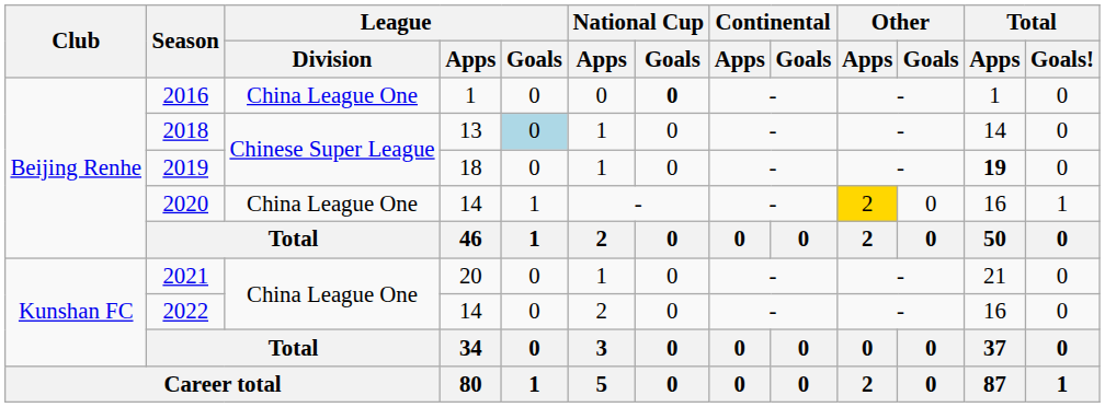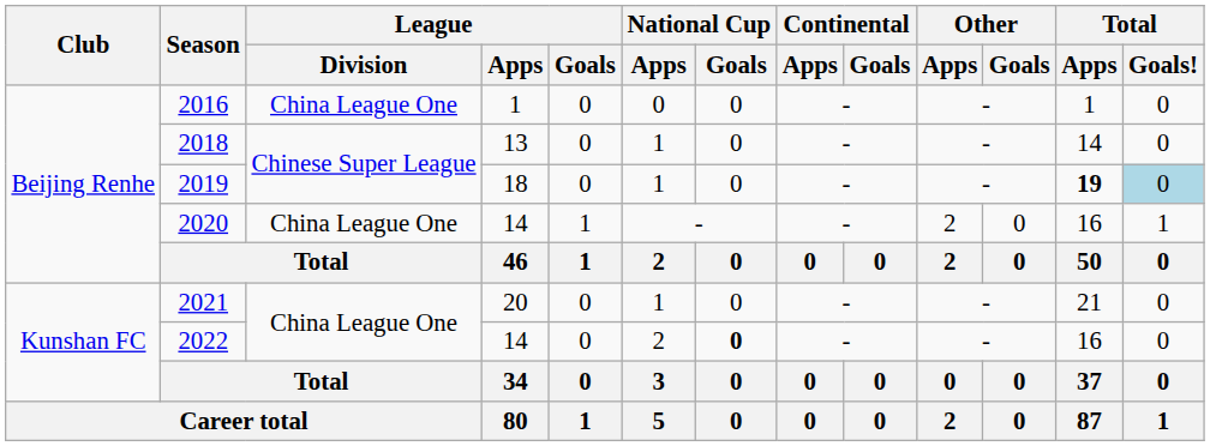 <table class="wikitable" style="text-align: center">
 <tr>
 <th rowspan="2">Club</th>
 <th rowspan="2">Season</th>
 <th colspan="3">League</th>
 <th colspan="2">National Cup</th>
 <th colspan="2">Continental</th>
 <th colspan="2">Other</th>
 <th colspan="2">Total</th>
 </tr>
 <tr>
 <th>Division</th>
 <th>Apps</th>
 <th>Goals</th>
 <th>Apps</th>
 <th>Goals</th>
 <th>Apps</th>
 <th>Goals</th>
 <th>Apps</th>
 <th>Goals</th>
 <th>Apps</th>
 <th>Goals!</th>
 </tr>
 <tr>
 <td rowspan=5><a href='#'>Beijing Renhe</a></td>
 <td><a href='#'>2016</a></td>
 <td><a href='#'>China League One</a></td>
 <td>1</td>
 <td>0</td>
 <td>0</td>
-<td><strong>0</strong></td>
+<td>0</td>
 <td colspan="2">-</td>
 <td colspan="2">-</td>
 <td>1</td>
 <td>0</td>
 </tr>
 <tr>
 <td><a href='#'>2018</a></td>
 <td rowspan=2><a href='#'>Chinese Super League</a></td>
 <td>13</td>
-<td style="background: lightblue;">0</td>
+<td>0</td>
 <td>1</td>
 <td>0</td>
 <td colspan="2">-</td>
 <td colspan="2">-</td>
 <td>14</td>
 <td>0</td>
 </tr>
 <tr>
 <td><a href='#'>2019</a></td>
 <td>18</td>
 <td>0</td>
 <td>1</td>
 <td>0</td>
 <td colspan="2">-</td>
 <td colspan="2">-</td>
 <td><strong>19</strong></td>
-<td>0</td>
+<td style="background: lightblue;">0</td>
 </tr>
 <tr>
 <td><a href='#'>2020</a></td>
 <td>China League One</td>
 <td>14</td>
 <td>1</td>
 <td colspan="2">-</td>
 <td colspan="2">-</td>
-<td style="background: gold;">2</td>
+<td>2</td>
 <td>0</td>
 <td>16</td>
 <td>1</td>
 </tr>
 <tr>
 <th colspan="2"><strong>Total</strong></th>
 <th>46</th>
 <th>1</th>
 <th>2</th>
 <th>0</th>
 <th>0</th>
 <th>0</th>
 <th>2</th>
 <th>0</th>
 <th>50</th>
 <th>0</th>
 </tr>
 <tr>
 <td rowspan=3><a href='#'>Kunshan FC</a></td>
 <td><a href='#'>2021</a></td>
 <td rowspan=2>China League One</td>
 <td>20</td>
 <td>0</td>
 <td>1</td>
 <td>0</td>
 <td colspan="2">-</td>
 <td colspan="2">-</td>
 <td>21</td>
 <td>0</td>
 </tr>
 <tr>
 <td><a href='#'>2022</a></td>
 <td>14</td>
 <td>0</td>
 <td>2</td>
-<td>0</td>
+<td><strong>0</strong></td>
 <td colspan="2">-</td>
 <td colspan="2">-</td>
 <td>16</td>
 <td>0</td>
 </tr>
 <tr>
 <th colspan="2"><strong>Total</strong></th>
 <th>34</th>
 <th>0</th>
 <th>3</th>
 <th>0</th>
 <th>0</th>
 <th>0</th>
 <th>0</th>
 <th>0</th>
 <th>37</th>
 <th>0</th>
 </tr>
 <tr>
 <th colspan=3>Career total</th>
 <th>80</th>
 <th>1</th>
 <th>5</th>
 <th>0</th>
 <th>0</th>
 <th>0</th>
 <th>2</th>
 <th>0</th>
 <th>87</th>
 <th>1</th>
 </tr>
 </table>
